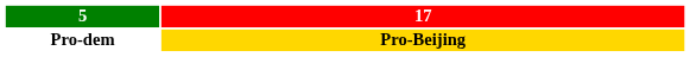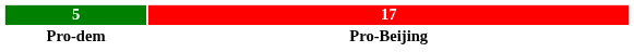 <table style="width:50%; text-align:center;">
 <tr style="color:white;">
 <td style="background:green; width:22.73%;"><strong>5</strong></td>
 <td style="background:red; width:77.27%;"><strong>17</strong></td>
 </tr>
 <tr>
 <td><span><strong>Pro-dem</strong></span></td>
-<td style="background: gold;"><span><strong>Pro-Beijing</strong></span></td>
+<td><span><strong>Pro-Beijing</strong></span></td>
 </tr>
 </table>
